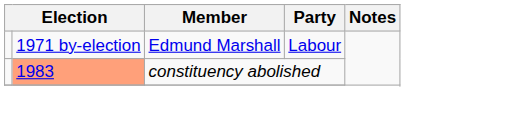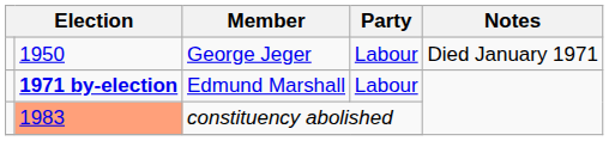 <table class="wikitable">
 <tr>
 <th colspan="2">Election</th>
 <th>Member</th>
 <th>Party</th>
 <th>Notes</th>
 </tr>
 <tr>
 <td style="color:inherit;background-color: "></td>
-<td><a href='#'>1971 by-election</a></td>
+<td><a href='#'>1950</a></td>
+<td><a href='#'>George Jeger</a></td>
+<td><a href='#'>Labour</a></td>
+<td>Died January 1971</td>
+</tr>
+<tr>
+<td style="color:inherit;background-color: "></td>
+<td><strong><a href='#'>1971 by-election</a></strong></td>
 <td><a href='#'>Edmund Marshall</a></td>
 <td><a href='#'>Labour</a></td>
 </tr>
 <tr>
 <td></td>
 <td style="background: lightsalmon;"><a href='#'>1983</a></td>
 <td colspan="2"><em>constituency abolished</em></td>
 </tr>
 <tr>
 </tr>
 </table>
